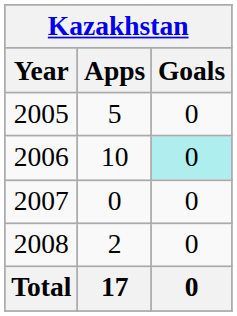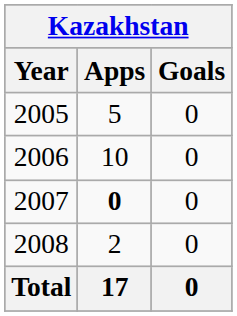 <table class="wikitable" style="text-align:center">
 <tr>
 <th colspan=3><a href='#'>Kazakhstan</a></th>
 </tr>
 <tr>
 <th>Year</th>
 <th>Apps</th>
 <th>Goals</th>
 </tr>
 <tr>
 <td>2005</td>
 <td>5</td>
 <td>0</td>
 </tr>
 <tr>
 <td>2006</td>
 <td>10</td>
-<td style="background: paleturquoise;">0</td>
+<td>0</td>
 </tr>
 <tr>
 <td>2007</td>
-<td>0</td>
+<td><strong>0</strong></td>
 <td>0</td>
 </tr>
 <tr>
 <td>2008</td>
 <td>2</td>
 <td>0</td>
 </tr>
 <tr>
 <th>Total</th>
 <th>17</th>
 <th>0</th>
 </tr>
 </table>
